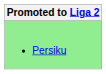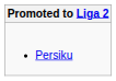 <table class="wikitable">
 <tr style="vertical-align:top">
 <th> Promoted to <a href='#'>Liga 2</a></th>
 </tr>
 <tr>
-<td style="background: lightgreen;"><br><ul><li><a href='#'>Persiku</a></li></ul></td>
+<td><br><ul><li><a href='#'>Persiku</a></li></ul></td>
 </tr>
 </table>
